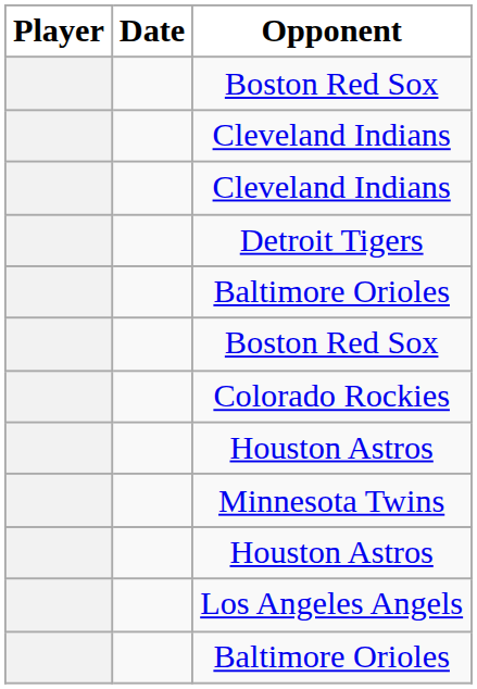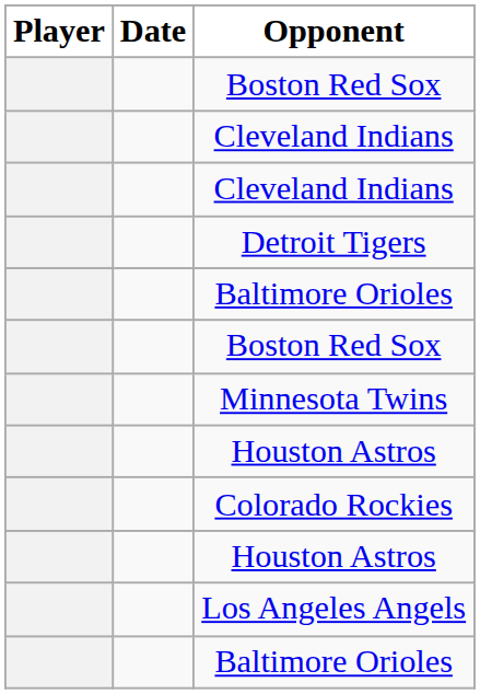 <table class="sortable wikitable plainrowheaders" style="text-align:center">
 <tr>
 <th scope="col" style="background-color:#ffffff; border-top:#">Player</th>
 <th scope="col" style="background-color:#ffffff; border-top:#">Date</th>
 <th scope="col" style="background-color:#ffffff; border-top:#">Opponent</th>
 </tr>
 <tr>
 <th scope="row" style="text-align:center"></th>
 <td></td>
 <td><a href='#'>Boston Red Sox</a></td>
 </tr>
 <tr>
 <th scope="row" style="text-align:center"></th>
 <td></td>
 <td><a href='#'>Cleveland Indians</a></td>
 </tr>
 <tr>
 <th scope="row" style="text-align:center"></th>
 <td></td>
 <td><a href='#'>Cleveland Indians</a></td>
 </tr>
 <tr>
 <th scope="row" style="text-align:center"></th>
 <td></td>
 <td><a href='#'>Detroit Tigers</a></td>
 </tr>
 <tr>
 <th scope="row" style="text-align:center"></th>
 <td></td>
 <td><a href='#'>Baltimore Orioles</a></td>
 </tr>
 <tr>
 <th scope="row" style="text-align:center"></th>
 <td></td>
 <td><a href='#'>Boston Red Sox</a></td>
 </tr>
 <tr>
 <th scope="row" style="text-align:center"></th>
 <td></td>
-<td><a href='#'>Colorado Rockies</a></td>
+<td><a href='#'>Minnesota Twins</a></td>
 </tr>
 <tr>
 <th scope="row" style="text-align:center"></th>
 <td></td>
 <td><a href='#'>Houston Astros</a></td>
 </tr>
 <tr>
 <th scope="row" style="text-align:center"></th>
 <td></td>
-<td><a href='#'>Minnesota Twins</a></td>
+<td><a href='#'>Colorado Rockies</a></td>
 </tr>
 <tr>
 <th scope="row" style="text-align:center"></th>
 <td></td>
 <td><a href='#'>Houston Astros</a></td>
 </tr>
 <tr>
 <th scope="row" style="text-align:center"></th>
 <td></td>
 <td><a href='#'>Los Angeles Angels</a></td>
 </tr>
 <tr>
 <th scope="row" style="text-align:center"></th>
 <td></td>
 <td><a href='#'>Baltimore Orioles</a></td>
 </tr>
 </table>
